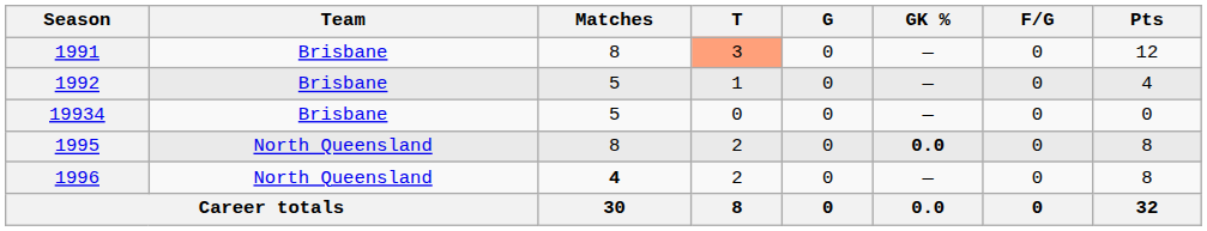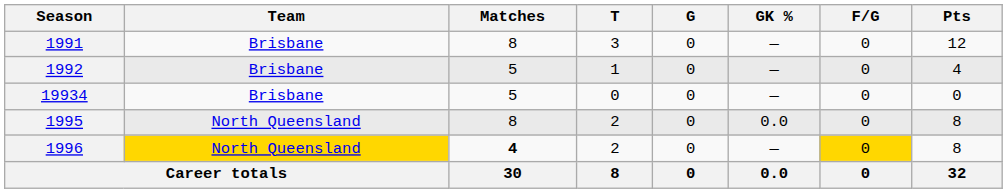 <table class="wikitable sortable"  style="font-size:90%; text-align:center; width:85%;">
 <tr>
 <th width=2%>Season</th>
 <th width=8%>Team</th>
 <th width=2%>Matches</th>
 <th width=2%>T</th>
 <th width=2%>G</th>
 <th width=2%>GK %</th>
 <th width=2%>F/G</th>
 <th width=2%>Pts</th>
 </tr>
 <tr>
 <th scope="row" style="text-align:center; font-weight:normal"><a href='#'>1991</a></th>
 <td style="text-align:center;"> <a href='#'>Brisbane</a></td>
 <td>8</td>
-<td style="background: lightsalmon;">3</td>
+<td>3</td>
 <td>0</td>
 <td>—</td>
 <td>0</td>
 <td>12</td>
 </tr>
 <tr style="background-color: #EAEAEA">
 <th scope="row" style="text-align:center; font-weight:normal"><a href='#'>1992</a></th>
 <td style="text-align:center;"> <a href='#'>Brisbane</a></td>
 <td>5</td>
 <td>1</td>
 <td>0</td>
 <td>—</td>
 <td>0</td>
 <td>4</td>
 </tr>
 <tr>
 <th scope="row" style="text-align:center; font-weight:normal"><a href='#'>19934</a></th>
 <td style="text-align:center;"> <a href='#'>Brisbane</a></td>
 <td>5</td>
 <td>0</td>
 <td>0</td>
 <td>—</td>
 <td>0</td>
 <td>0</td>
 </tr>
 <tr style="background-color: #EAEAEA">
 <th scope="row" style="text-align:center; font-weight:normal"><a href='#'>1995</a></th>
 <td style="text-align:center;"> <a href='#'>North Queensland</a></td>
 <td>8</td>
 <td>2</td>
 <td>0</td>
-<td><strong>0.0</strong></td>
+<td>0.0</td>
 <td>0</td>
 <td>8</td>
 </tr>
 <tr>
 <th scope="row" style="text-align:center; font-weight:normal"><a href='#'>1996</a></th>
-<td style="text-align:center;"> <a href='#'>North Queensland</a></td>
+<td style="background: gold; text-align:center;"> <a href='#'>North Queensland</a></td>
 <td><strong>4</strong></td>
 <td>2</td>
 <td>0</td>
 <td>—</td>
-<td>0</td>
+<td style="background: gold;">0</td>
 <td>8</td>
 </tr>
 <tr class="sortbottom">
 <th colspan=2>Career totals</th>
 <th>30</th>
 <th>8</th>
 <th>0</th>
 <th>0.0</th>
 <th>0</th>
 <th>32</th>
 </tr>
 </table>
